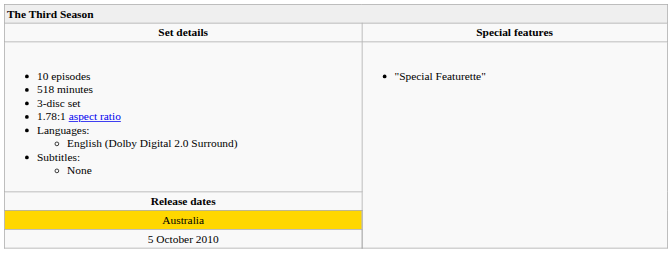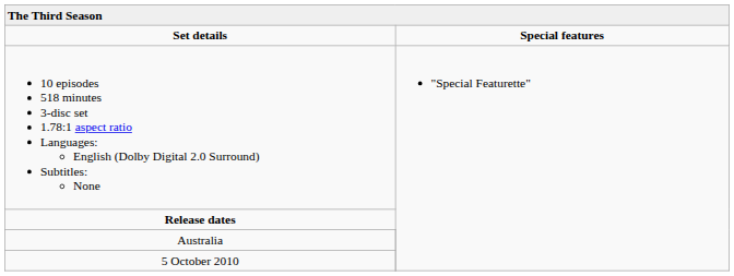 <table class="wikitable" style="width:70%; font-size:95%;">
 <tr style="background:#EFEFEF">
 <td colspan="6"><strong>The Third Season</strong></td>
 </tr>
 <tr style="text-align:center;">
 <td style="width:300px;" colspan="3"><strong>Set details</strong></td>
 <td style="width:400px; "><strong>Special features</strong></td>
 </tr>
 <tr valign="top">
 <td colspan="3"  style="text-align:left; width:300px;"><br><ul><li>10 episodes</li><li>518 minutes</li><li>3-disc set</li><li>1.78:1 <a href='#'>aspect ratio</a></li><li>Languages:<ul><li>English (Dolby Digital 2.0 Surround)</li></ul></li><li>Subtitles:<ul><li>None</li></ul></li></ul></td>
 <td rowspan="4"  style="text-align:left; width:400px;"><br><ul><li>"Special Featurette"</li></ul></td>
 </tr>
 <tr>
 <td colspan="3" style="text-align:center;"><strong>Release dates</strong></td>
 </tr>
 <tr>
-<td style="background: gold; text-align:center;">Australia</td>
+<td style="text-align:center;">Australia</td>
 </tr>
 <tr>
 <td style="text-align:center;">5 October 2010</td>
 </tr>
 </table>
